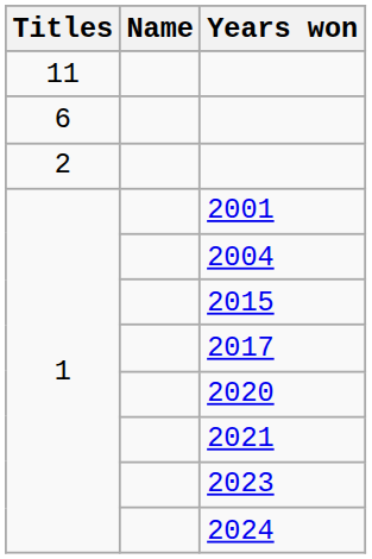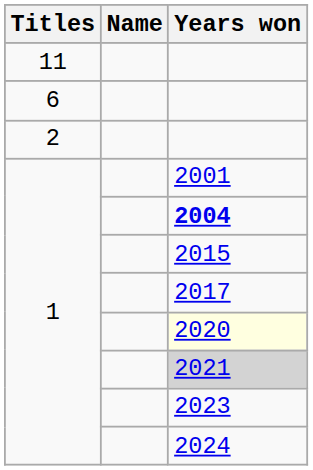 <table class="wikitable style="font-size:100%; text-align: left; width:70%">
 <tr>
 <th>Titles</th>
 <th>Name</th>
 <th>Years won</th>
 </tr>
 <tr>
 <td align=center>11</td>
 <td></td>
 <td></td>
 </tr>
 <tr>
 <td align=center>6</td>
 <td></td>
 <td></td>
 </tr>
 <tr>
 <td align=center>2</td>
 <td></td>
 <td></td>
 </tr>
 <tr>
 <td rowspan=8 align=center>1</td>
 <td></td>
 <td><a href='#'>2001</a></td>
 </tr>
 <tr>
 <td></td>
-<td><a href='#'>2004</a></td>
+<td><strong><a href='#'>2004</a></strong></td>
 </tr>
 <tr>
 <td></td>
 <td><a href='#'>2015</a></td>
 </tr>
 <tr>
 <td></td>
 <td><a href='#'>2017</a></td>
 </tr>
 <tr>
 <td></td>
-<td><a href='#'>2020</a></td>
+<td style="background: lightyellow;"><a href='#'>2020</a></td>
 </tr>
 <tr>
 <td></td>
-<td><a href='#'>2021</a></td>
+<td style="background: lightgrey;"><a href='#'>2021</a></td>
 </tr>
 <tr>
 <td></td>
 <td><a href='#'>2023</a></td>
 </tr>
 <tr>
 <td></td>
 <td><a href='#'>2024</a></td>
 </tr>
 </table>
